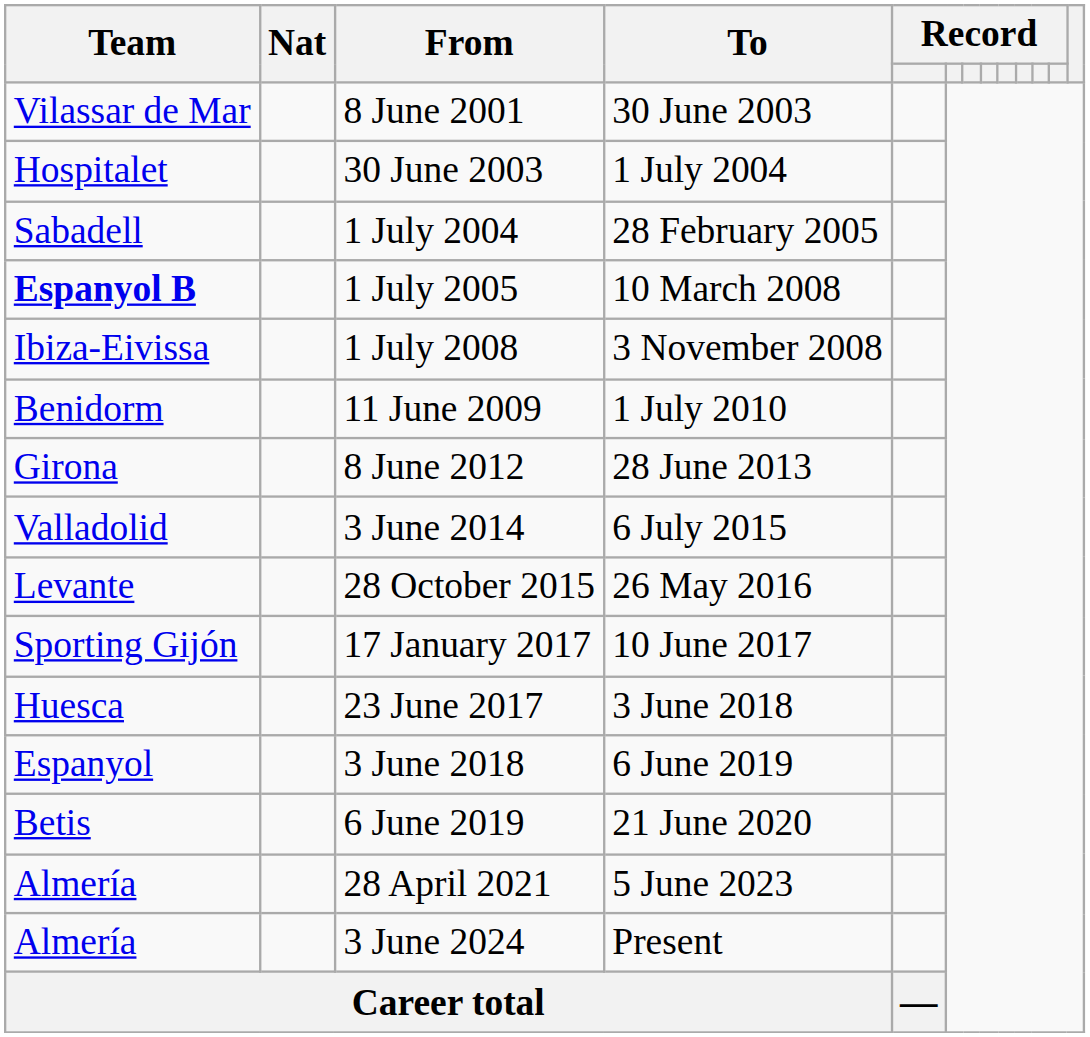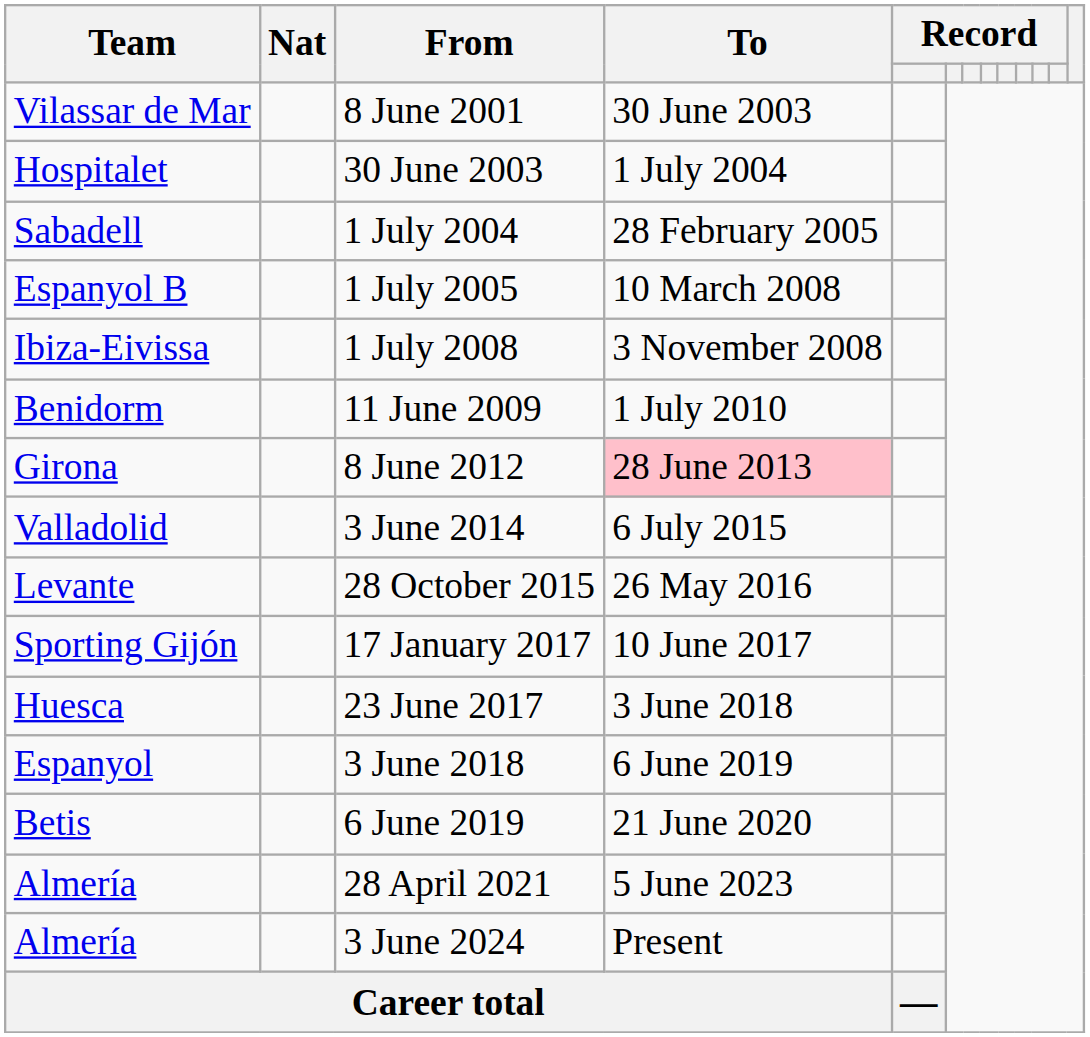 <table class="wikitable" style="text-align: center">
 <tr>
 <th rowspan="2">Team</th>
 <th rowspan="2">Nat</th>
 <th rowspan="2">From</th>
 <th rowspan="2">To</th>
 <th colspan="8">Record</th>
 <th rowspan=2></th>
 </tr>
 <tr>
 <th></th>
 <th></th>
 <th></th>
 <th></th>
 <th></th>
 <th></th>
 <th></th>
 <th></th>
 </tr>
 <tr>
 <td align="left"><a href='#'>Vilassar de Mar</a></td>
 <td></td>
 <td align=left>8 June 2001</td>
 <td align=left>30 June 2003<br></td>
 <td></td>
 </tr>
 <tr>
 <td align="left"><a href='#'>Hospitalet</a></td>
 <td></td>
 <td align=left>30 June 2003</td>
 <td align=left>1 July 2004<br></td>
 <td></td>
 </tr>
 <tr>
 <td align="left"><a href='#'>Sabadell</a></td>
 <td></td>
 <td align=left>1 July 2004</td>
 <td align=left>28 February 2005<br></td>
 <td></td>
 </tr>
 <tr>
-<td align="left"><strong><a href='#'>Espanyol B</a></strong></td>
+<td align="left"><a href='#'>Espanyol B</a></td>
 <td></td>
 <td align=left>1 July 2005</td>
 <td align=left>10 March 2008<br></td>
 <td></td>
 </tr>
 <tr>
 <td align="left"><a href='#'>Ibiza-Eivissa</a></td>
 <td></td>
 <td align=left>1 July 2008</td>
 <td align=left>3 November 2008<br></td>
 <td></td>
 </tr>
 <tr>
 <td align="left"><a href='#'>Benidorm</a></td>
 <td></td>
 <td align=left>11 June 2009</td>
 <td align=left>1 July 2010<br></td>
 <td></td>
 </tr>
 <tr>
 <td align="left"><a href='#'>Girona</a></td>
 <td></td>
 <td align=left>8 June 2012</td>
-<td align=left>28 June 2013<br></td>
+<td align=left style="background: pink;">28 June 2013<br></td>
 <td></td>
 </tr>
 <tr>
 <td align="left"><a href='#'>Valladolid</a></td>
 <td></td>
 <td align=left>3 June 2014</td>
 <td align=left>6 July 2015<br></td>
 <td></td>
 </tr>
 <tr>
 <td align="left"><a href='#'>Levante</a></td>
 <td></td>
 <td align=left>28 October 2015</td>
 <td align=left>26 May 2016<br></td>
 <td></td>
 </tr>
 <tr>
 <td align="left"><a href='#'>Sporting Gijón</a></td>
 <td></td>
 <td align=left>17 January 2017</td>
 <td align=left>10 June 2017<br></td>
 <td></td>
 </tr>
 <tr>
 <td align="left"><a href='#'>Huesca</a></td>
 <td></td>
 <td align=left>23 June 2017</td>
 <td align=left>3 June 2018<br></td>
 <td></td>
 </tr>
 <tr>
 <td align="left"><a href='#'>Espanyol</a></td>
 <td></td>
 <td align=left>3 June 2018</td>
 <td align=left>6 June 2019<br></td>
 <td></td>
 </tr>
 <tr>
 <td align="left"><a href='#'>Betis</a></td>
 <td></td>
 <td align=left>6 June 2019</td>
 <td align=left>21 June 2020<br></td>
 <td></td>
 </tr>
 <tr>
 <td align="left"><a href='#'>Almería</a></td>
 <td></td>
 <td align=left>28 April 2021</td>
 <td align=left>5 June 2023<br></td>
 <td></td>
 </tr>
 <tr>
 <td align="left"><a href='#'>Almería</a></td>
 <td></td>
 <td align=left>3 June 2024</td>
 <td align=left>Present<br></td>
 <td></td>
 </tr>
 <tr>
 <th colspan=4>Career total<br></th>
 <th>—</th>
 </tr>
 </table>
